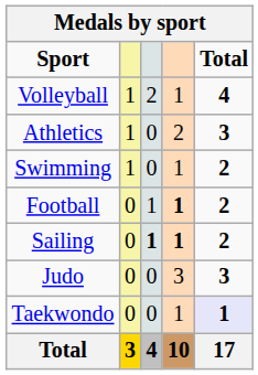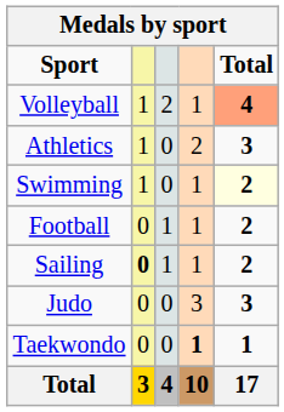 <table class="wikitable" style="font-size:85%; float:right">
 <tr style="background:#efefef;">
 <th colspan=5>Medals by sport</th>
 </tr>
 <tr align=center>
 <td><strong>Sport</strong></td>
 <td bgcolor=#f7f6a8></td>
 <td bgcolor=#dce5e5></td>
 <td bgcolor=#ffdab9></td>
 <td><strong>Total</strong></td>
 </tr>
 <tr align=center>
 <td><a href='#'>Volleyball</a></td>
 <td style="background:#F7F6A8;">1</td>
 <td style="background:#DCE5E5;">2</td>
 <td style="background:#FFDAB9;">1</td>
-<td><strong>4</strong></td>
+<td style="background: lightsalmon;"><strong>4</strong></td>
 </tr>
 <tr align=center>
 <td><a href='#'>Athletics</a></td>
 <td style="background:#F7F6A8;">1</td>
 <td style="background:#DCE5E5;">0</td>
 <td style="background:#FFDAB9;">2</td>
 <td><strong>3</strong></td>
 </tr>
 <tr align=center>
 <td><a href='#'>Swimming</a></td>
 <td style="background:#F7F6A8;">1</td>
 <td style="background:#DCE5E5;">0</td>
 <td style="background:#FFDAB9;">1</td>
-<td><strong>2</strong></td>
+<td style="background: lightyellow;"><strong>2</strong></td>
 </tr>
 <tr align=center>
 <td><a href='#'>Football</a></td>
 <td style="background:#F7F6A8;">0</td>
 <td style="background:#DCE5E5;">1</td>
-<td style="background:#FFDAB9;"><strong>1</strong></td>
+<td style="background:#FFDAB9;">1</td>
 <td><strong>2</strong></td>
 </tr>
 <tr align=center>
 <td><a href='#'>Sailing</a></td>
-<td style="background:#F7F6A8;">0</td>
-<td style="background:#DCE5E5;"><strong>1</strong></td>
-<td style="background:#FFDAB9;"><strong>1</strong></td>
+<td style="background:#F7F6A8;"><strong>0</strong></td>
+<td style="background:#DCE5E5;">1</td>
+<td style="background:#FFDAB9;">1</td>
 <td><strong>2</strong></td>
 </tr>
 <tr align=center>
 <td><a href='#'>Judo</a></td>
 <td style="background:#F7F6A8;">0</td>
 <td style="background:#DCE5E5;">0</td>
 <td style="background:#FFDAB9;">3</td>
 <td><strong>3</strong></td>
 </tr>
 <tr align=center>
 <td><a href='#'>Taekwondo</a></td>
 <td style="background:#F7F6A8;">0</td>
 <td style="background:#DCE5E5;">0</td>
-<td style="background:#FFDAB9;">1</td>
-<td style="background: lavender;"><strong>1</strong></td>
+<td style="background:#FFDAB9;"><strong>1</strong></td>
+<td><strong>1</strong></td>
 </tr>
 <tr align=center>
 <th>Total</th>
 <th style="background:gold;">3</th>
 <th style="background:silver;">4</th>
 <th style="background:#c96;">10</th>
 <th>17</th>
 </tr>
 </table>
